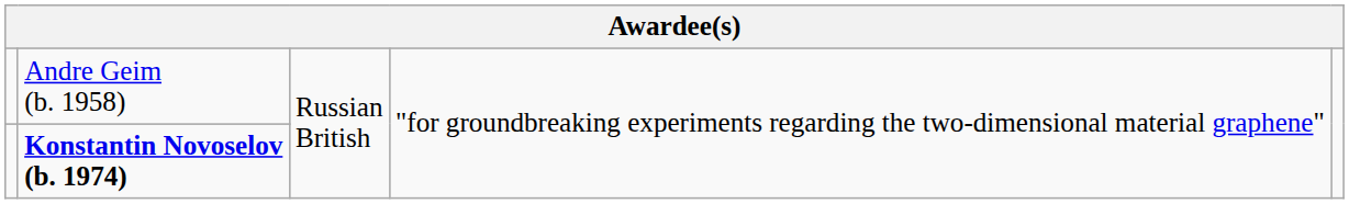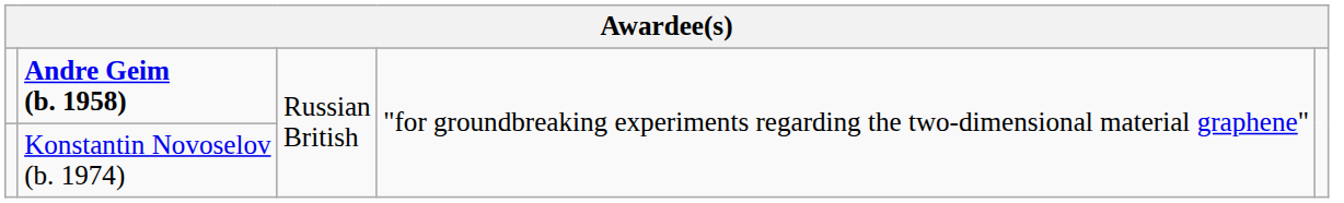 <table class="wikitable">
 <tr>
 <th colspan="5">Awardee(s)</th>
 </tr>
 <tr>
 <td></td>
-<td><a href='#'>Andre Geim</a><br>(b. 1958)</td>
+<td><strong><a href='#'>Andre Geim</a><br>(b. 1958)</strong></td>
 <td rowspan="2"> Russian<br> British</td>
 <td rowspan="2">"for groundbreaking experiments regarding the two-dimensional material <a href='#'>graphene</a>"</td>
 <td rowspan="2"></td>
 </tr>
 <tr>
 <td></td>
-<td><strong><a href='#'>Konstantin Novoselov</a><br>(b. 1974)</strong></td>
+<td><a href='#'>Konstantin Novoselov</a><br>(b. 1974)</td>
 </tr>
 </table>
